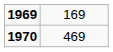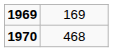 <table class="wikitable" style="text-align: center">
 <tr>
 <td><strong>1969</strong></td>
 <td scope="col" style="width: 75px;">169</td>
 </tr>
 <tr>
 <td><strong>1970</strong></td>
-<td>469</td>
+<td>468</td>
 </tr>
 </table>
